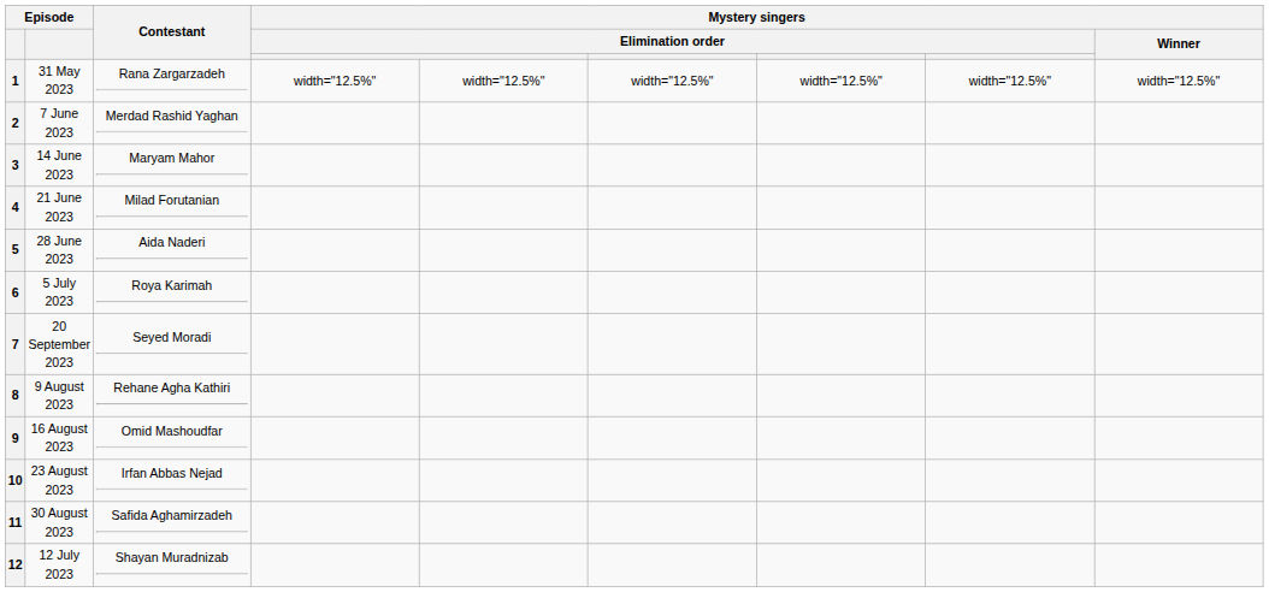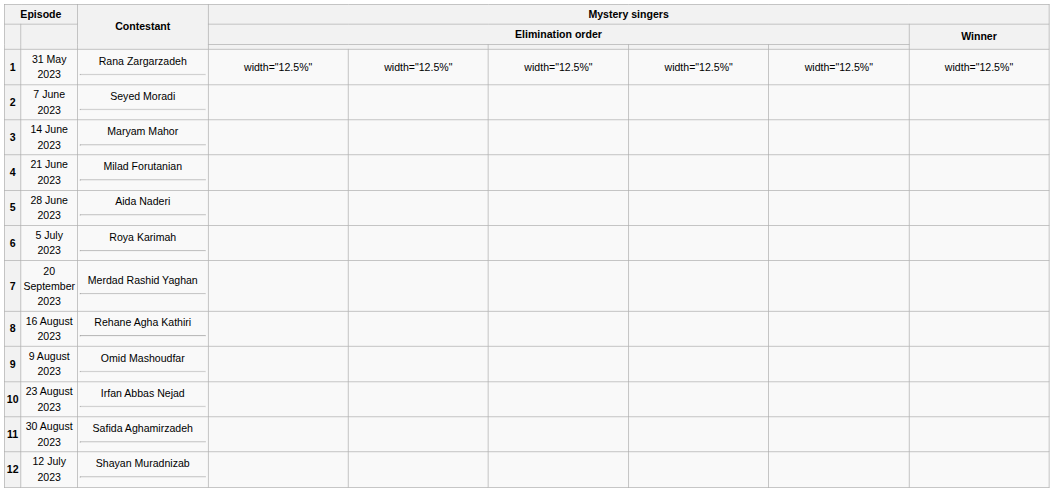 <table class="wikitable plainrowheaders mw-collapsible" style="text-align:center; line-height:23px; width:100%;">
 <tr>
 <th colspan="2" width="1%">Episode</th>
 <th rowspan="3" width="12.5%">Contestant</th>
 <th colspan="6">Mystery singers<br></th>
 </tr>
 <tr>
 <th rowspan="2"></th>
 <th rowspan="2"></th>
 <th colspan="5">Elimination order</th>
 <th rowspan="2">Winner</th>
 </tr>
 <tr>
 <th colspan="2"></th>
 <th></th>
 <th></th>
 <th></th>
 </tr>
 <tr>
 <th>1</th>
 <td>31 May 2023</td>
 <td>Rana Zargarzadeh<br><hr></td>
 <td>width="12.5%" </td>
 <td>width="12.5%" </td>
 <td>width="12.5%" </td>
 <td>width="12.5%" </td>
 <td>width="12.5%" </td>
 <td>width="12.5%" </td>
 </tr>
 <tr>
 <th>2</th>
 <td>7 June 2023</td>
-<td>Merdad Rashid Yaghan<br><hr></td>
+<td>Seyed Moradi<br><hr></td>
 <td></td>
 <td></td>
 <td></td>
 <td></td>
 <td></td>
 <td></td>
 </tr>
 <tr>
 <th>3</th>
 <td>14 June 2023</td>
 <td>Maryam Mahor<br><hr></td>
 <td></td>
 <td></td>
 <td></td>
 <td></td>
 <td></td>
 <td></td>
 </tr>
 <tr>
 <th>4</th>
 <td>21 June 2023</td>
 <td>Milad Forutanian<br><hr></td>
 <td></td>
 <td></td>
 <td></td>
 <td></td>
 <td></td>
 <td></td>
 </tr>
 <tr>
 <th>5</th>
 <td>28 June 2023</td>
 <td>Aida Naderi<br><hr></td>
 <td></td>
 <td></td>
 <td></td>
 <td></td>
 <td></td>
 <td></td>
 </tr>
 <tr>
 <th>6</th>
 <td>5 July 2023</td>
 <td>Roya Karimah<br><hr></td>
 <td></td>
 <td></td>
 <td></td>
 <td></td>
 <td></td>
 <td></td>
 </tr>
 <tr>
 <th>7</th>
 <td>20 September 2023</td>
-<td>Seyed Moradi<br><hr></td>
+<td>Merdad Rashid Yaghan<br><hr></td>
 <td></td>
 <td></td>
 <td></td>
 <td></td>
 <td></td>
 <td></td>
 </tr>
 <tr>
 <th>8</th>
-<td>9 August 2023</td>
+<td>16 August 2023</td>
 <td>Rehane Agha Kathiri<br><hr></td>
 <td></td>
 <td></td>
 <td></td>
 <td></td>
 <td></td>
 <td></td>
 </tr>
 <tr>
 <th>9</th>
-<td>16 August 2023</td>
+<td>9 August 2023</td>
 <td>Omid Mashoudfar<br><hr></td>
 <td></td>
 <td></td>
 <td></td>
 <td></td>
 <td></td>
 <td></td>
 </tr>
 <tr>
 <th>10</th>
 <td>23 August 2023</td>
 <td>Irfan Abbas Nejad<br><hr></td>
 <td></td>
 <td></td>
 <td></td>
 <td></td>
 <td></td>
 <td></td>
 </tr>
 <tr>
 <th>11</th>
 <td>30 August 2023</td>
 <td>Safida Aghamirzadeh<br><hr></td>
 <td></td>
 <td></td>
 <td></td>
 <td></td>
 <td></td>
 <td></td>
 </tr>
 <tr>
 <th>12</th>
 <td>12 July 2023</td>
 <td>Shayan Muradnizab<br><hr></td>
 <td></td>
 <td></td>
 <td></td>
 <td></td>
 <td></td>
 <td></td>
 </tr>
 </table>
